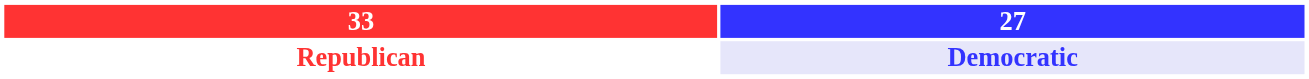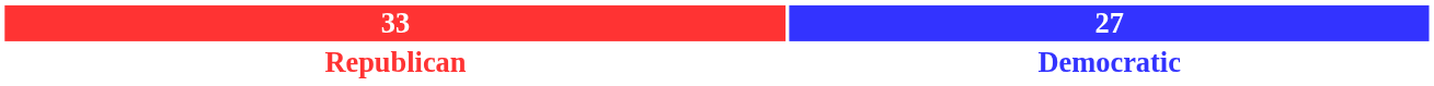 <table style="width:50%">
 <tr>
 <td scope="row" colspan="3" style="text-align:center"></td>
 </tr>
 <tr>
 <td scope="row" style="background:#F33; width:55%; text-align:center; color:white"><strong>33</strong></td>
 <td style="background:#33F; width:45%; text-align:center; color:white"><strong>27</strong></td>
 </tr>
 <tr>
 <td scope="row" style="text-align:center; color:#F33"><strong>Republican</strong></td>
-<td style="background: lavender; text-align:center; color:#33F"><strong>Democratic</strong></td>
+<td style="text-align:center; color:#33F"><strong>Democratic</strong></td>
 </tr>
 </table>
